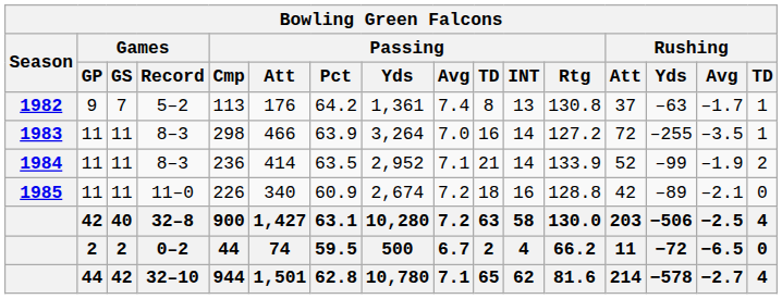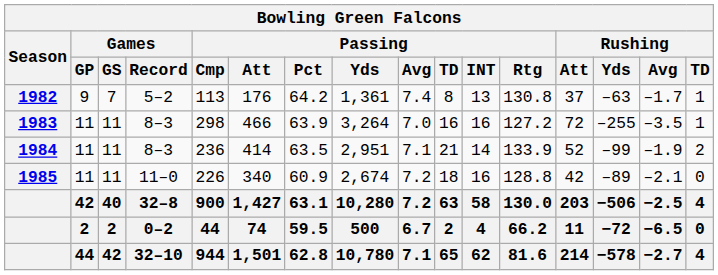 <table class="wikitable" style="text-align:center;">
 <tr>
 <th colspan="16">Bowling Green Falcons</th>
 </tr>
 <tr>
 <th rowspan="2">Season</th>
 <th colspan="3">Games</th>
 <th colspan="8">Passing</th>
 <th colspan="4">Rushing</th>
 </tr>
 <tr>
 <th>GP</th>
 <th>GS</th>
 <th>Record</th>
 <th>Cmp</th>
 <th>Att</th>
 <th>Pct</th>
 <th>Yds</th>
 <th>Avg</th>
 <th>TD</th>
 <th>INT</th>
 <th>Rtg</th>
 <th>Att</th>
 <th>Yds</th>
 <th>Avg</th>
 <th>TD</th>
 </tr>
 <tr>
 <th><a href='#'>1982</a></th>
 <td>9</td>
 <td>7</td>
 <td>5–2</td>
 <td>113</td>
 <td>176</td>
 <td>64.2</td>
 <td>1,361</td>
 <td>7.4</td>
 <td>8</td>
 <td>13</td>
 <td>130.8</td>
 <td>37</td>
 <td>–63</td>
 <td>–1.7</td>
 <td>1</td>
 </tr>
 <tr>
 <th><a href='#'>1983</a></th>
 <td>11</td>
 <td>11</td>
 <td>8–3</td>
 <td>298</td>
 <td>466</td>
 <td>63.9</td>
 <td>3,264</td>
 <td>7.0</td>
 <td>16</td>
-<td>14</td>
+<td>16</td>
 <td>127.2</td>
 <td>72</td>
 <td>–255</td>
 <td>–3.5</td>
 <td>1</td>
 </tr>
 <tr>
 <th><a href='#'>1984</a></th>
 <td>11</td>
 <td>11</td>
 <td>8–3</td>
 <td>236</td>
 <td>414</td>
 <td>63.5</td>
-<td>2,952</td>
+<td>2,951</td>
 <td>7.1</td>
 <td>21</td>
 <td>14</td>
 <td>133.9</td>
 <td>52</td>
 <td>–99</td>
 <td>–1.9</td>
 <td>2</td>
 </tr>
 <tr>
 <th><a href='#'>1985</a></th>
 <td>11</td>
 <td>11</td>
 <td>11–0</td>
 <td>226</td>
 <td>340</td>
 <td>60.9</td>
 <td>2,674</td>
 <td>7.2</td>
 <td>18</td>
 <td>16</td>
 <td>128.8</td>
 <td>42</td>
 <td>–89</td>
 <td>–2.1</td>
 <td>0</td>
 </tr>
 <tr>
 <th></th>
 <th>42</th>
 <th>40</th>
 <th>32–8</th>
 <th>900</th>
 <th>1,427</th>
 <th>63.1</th>
 <th>10,280</th>
 <th>7.2</th>
 <th>63</th>
 <th>58</th>
 <th>130.0</th>
 <th>203</th>
 <th>−506</th>
 <th>−2.5</th>
 <th>4</th>
 </tr>
 <tr>
 <th></th>
 <th>2</th>
 <th>2</th>
 <th>0–2</th>
 <th>44</th>
 <th>74</th>
 <th>59.5</th>
 <th>500</th>
 <th>6.7</th>
 <th>2</th>
 <th>4</th>
 <th>66.2</th>
 <th>11</th>
 <th>−72</th>
 <th>−6.5</th>
 <th>0</th>
 </tr>
 <tr>
 <th></th>
 <th>44</th>
 <th>42</th>
 <th>32–10</th>
 <th>944</th>
 <th>1,501</th>
 <th>62.8</th>
 <th>10,780</th>
 <th>7.1</th>
 <th>65</th>
 <th>62</th>
 <th>81.6</th>
 <th>214</th>
 <th>−578</th>
 <th>−2.7</th>
 <th>4</th>
 </tr>
 </table>
